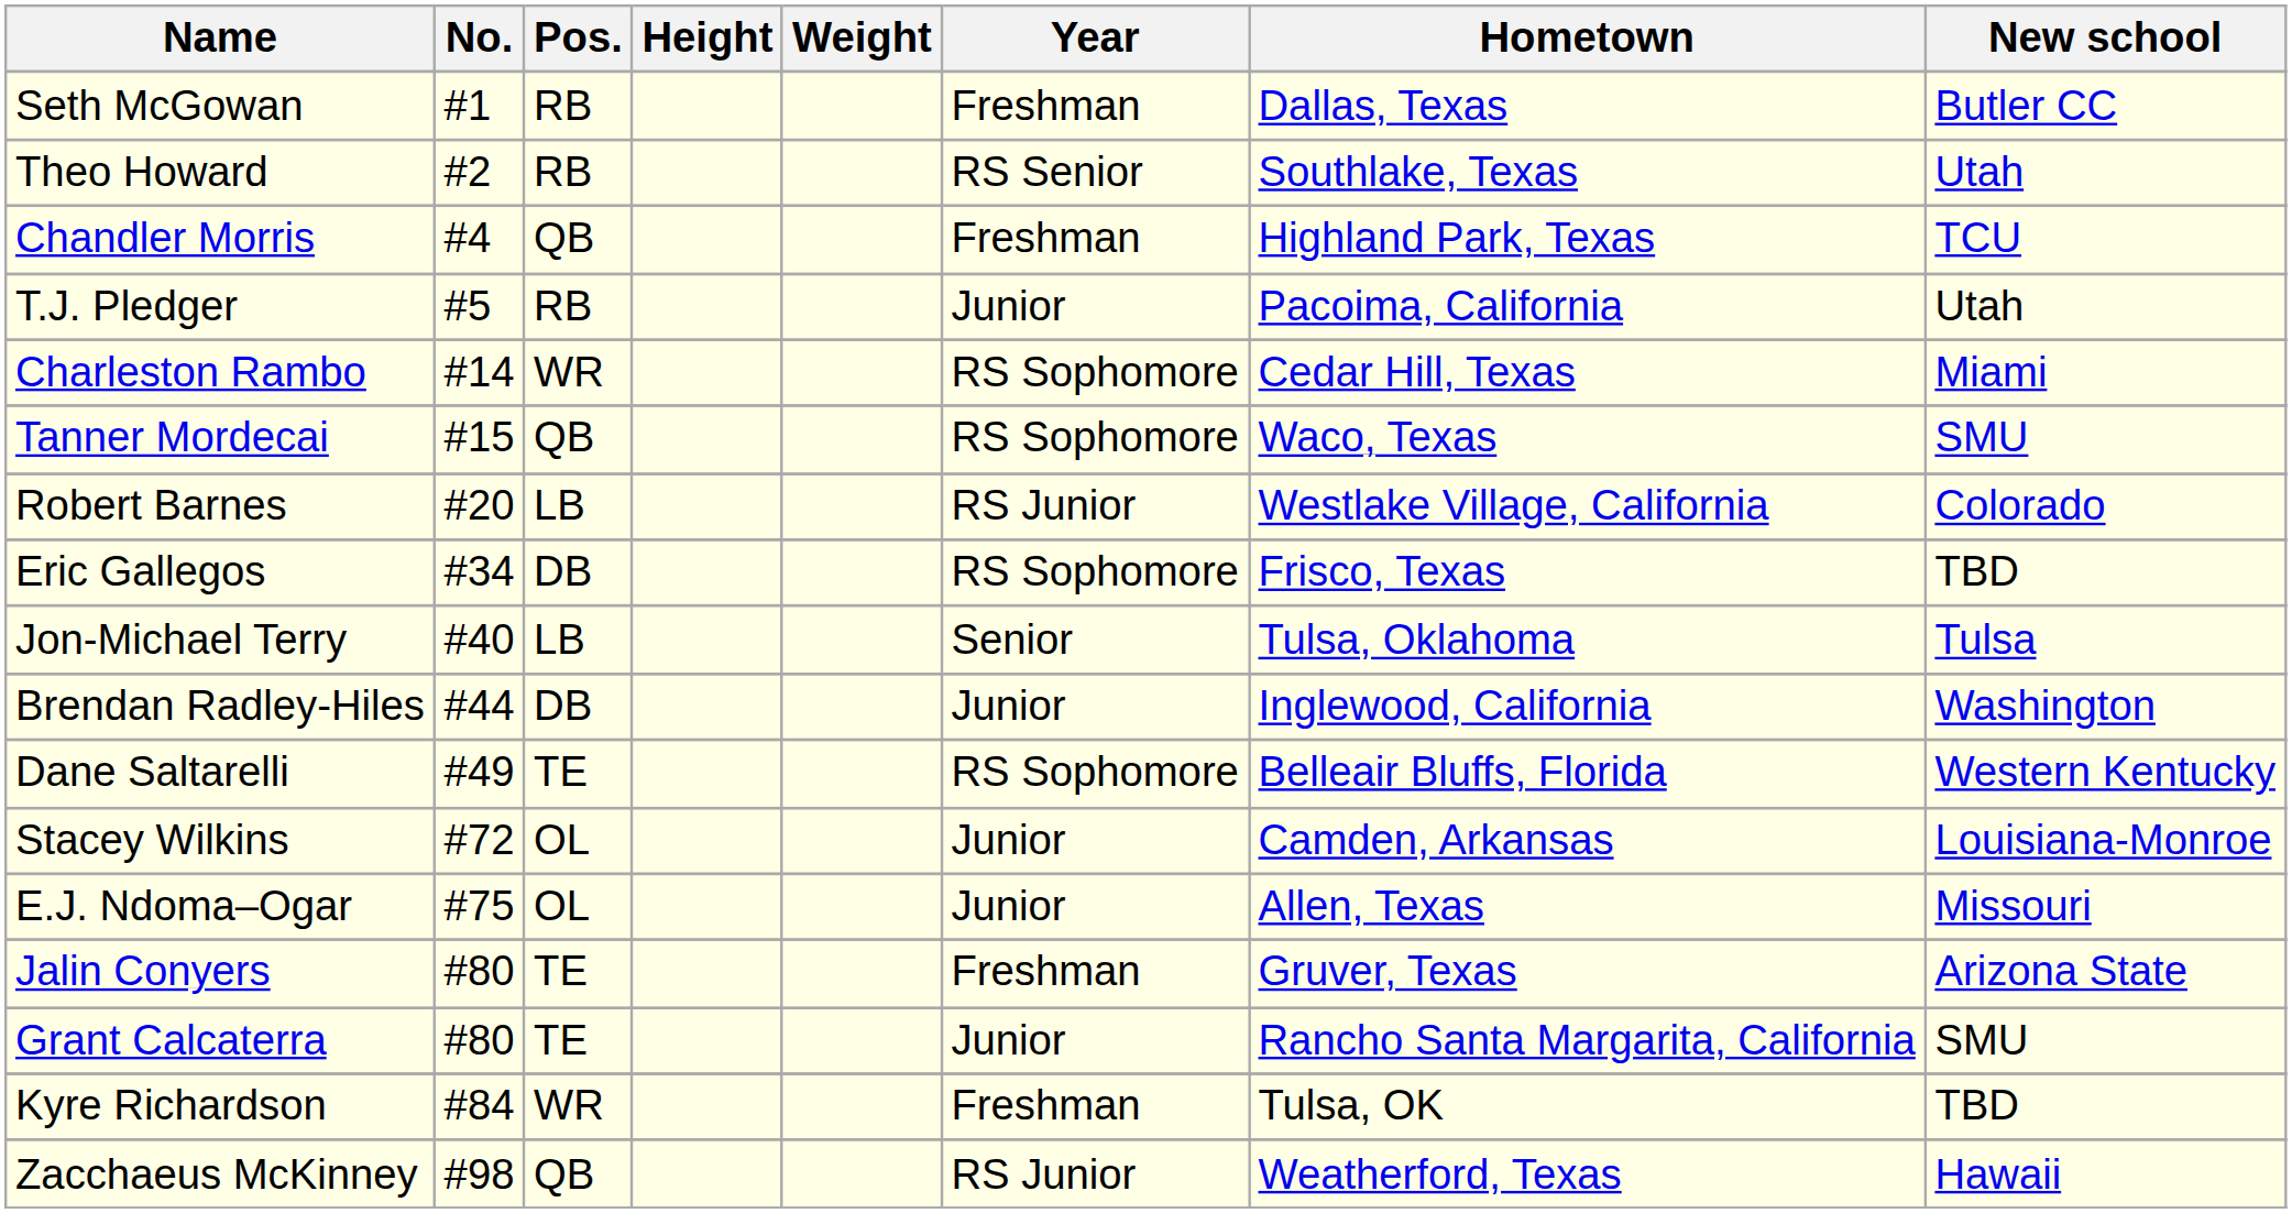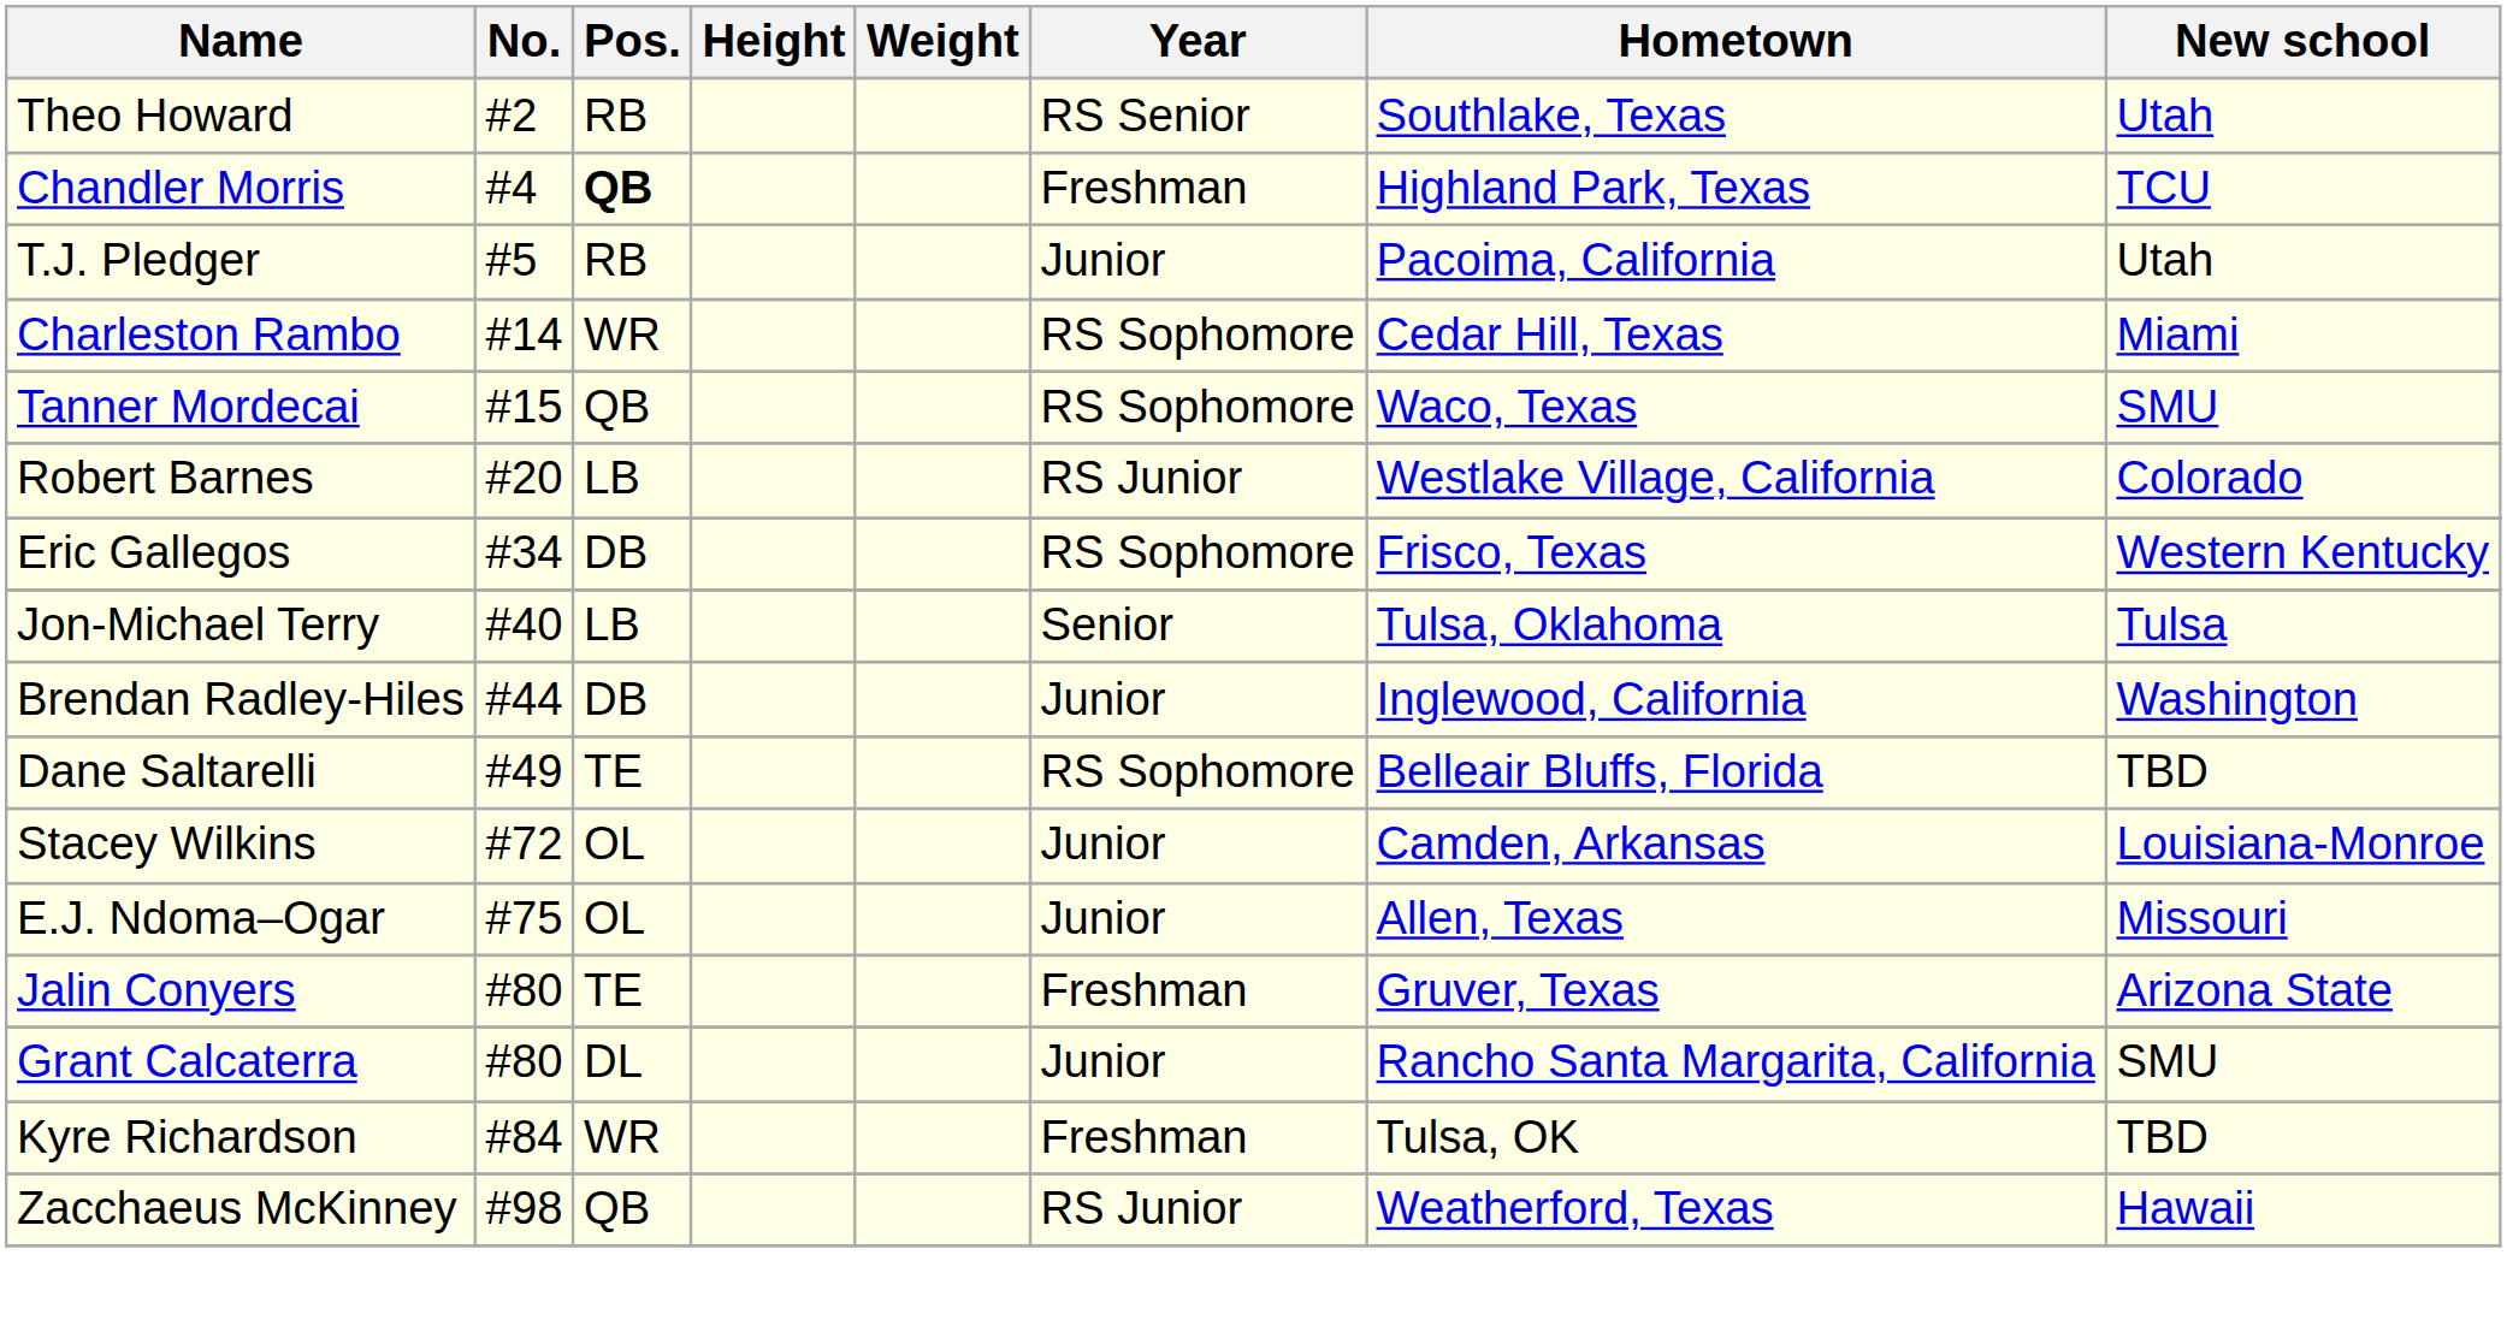 <table class="wikitable sortable">
 <tr>
 <th>Name</th>
 <th>No.</th>
 <th>Pos.</th>
 <th>Height</th>
 <th>Weight</th>
 <th>Year</th>
 <th>Hometown</th>
 <th class="unsortable">New school</th>
 </tr>
 <tr>
-</tr>
-<tr style="background:#FFFFE6;">
-<td>Seth McGowan</td>
-<td>#1</td>
-<td>RB</td>
-<td></td>
-<td></td>
-<td>Freshman</td>
-<td><a href='#'>Dallas, Texas</a></td>
-<td><a href='#'>Butler CC</a></td>
 </tr>
 <tr>
 </tr>
 <tr style="background:#FFFFE6;">
 <td>Theo Howard</td>
 <td>#2</td>
 <td>RB</td>
 <td></td>
 <td></td>
 <td>RS Senior</td>
 <td><a href='#'>Southlake, Texas</a></td>
 <td><a href='#'>Utah</a></td>
 </tr>
 <tr>
 </tr>
 <tr style="background:#FFFFE6;">
 <td><a href='#'>Chandler Morris</a></td>
 <td>#4</td>
-<td>QB</td>
+<td><strong>QB</strong></td>
 <td></td>
 <td></td>
 <td>Freshman</td>
 <td><a href='#'>Highland Park, Texas</a></td>
 <td><a href='#'>TCU</a></td>
 </tr>
 <tr>
 </tr>
 <tr style="background:#FFFFE6;">
 <td>T.J. Pledger</td>
 <td>#5</td>
 <td>RB</td>
 <td></td>
 <td></td>
 <td>Junior</td>
 <td><a href='#'>Pacoima, California</a></td>
 <td>Utah</td>
 </tr>
 <tr>
 </tr>
 <tr style="background:#FFFFE6;">
 <td><a href='#'>Charleston Rambo</a></td>
 <td>#14</td>
 <td>WR</td>
 <td></td>
 <td></td>
 <td>RS Sophomore</td>
 <td><a href='#'>Cedar Hill, Texas</a></td>
 <td><a href='#'>Miami</a></td>
 </tr>
 <tr>
 </tr>
 <tr style="background:#FFFFE6;">
 <td><a href='#'>Tanner Mordecai</a></td>
 <td>#15</td>
 <td>QB</td>
 <td></td>
 <td></td>
 <td>RS Sophomore</td>
 <td><a href='#'>Waco, Texas</a></td>
 <td><a href='#'>SMU</a></td>
 </tr>
 <tr>
 </tr>
 <tr style="background:#FFFFE6;">
 <td>Robert Barnes</td>
 <td>#20</td>
 <td>LB</td>
 <td></td>
 <td></td>
 <td>RS Junior</td>
 <td><a href='#'>Westlake Village, California</a></td>
 <td><a href='#'>Colorado</a></td>
 </tr>
 <tr>
 </tr>
 <tr style="background:#FFFFE6;">
 <td>Eric Gallegos</td>
 <td>#34</td>
 <td>DB</td>
 <td></td>
 <td></td>
 <td>RS Sophomore</td>
 <td><a href='#'>Frisco, Texas</a></td>
-<td>TBD</td>
+<td><a href='#'>Western Kentucky</a></td>
 </tr>
 <tr>
 </tr>
 <tr style="background:#FFFFE6;">
 <td>Jon-Michael Terry</td>
 <td>#40</td>
 <td>LB</td>
 <td></td>
 <td></td>
 <td>Senior</td>
 <td><a href='#'>Tulsa, Oklahoma</a></td>
 <td><a href='#'>Tulsa</a></td>
 </tr>
 <tr>
 </tr>
 <tr style="background:#FFFFE6;">
 <td>Brendan Radley-Hiles</td>
 <td>#44</td>
 <td>DB</td>
 <td></td>
 <td></td>
 <td>Junior</td>
 <td><a href='#'>Inglewood, California</a></td>
 <td><a href='#'>Washington</a></td>
 </tr>
 <tr>
 </tr>
 <tr style="background:#FFFFE6;">
 <td>Dane Saltarelli</td>
 <td>#49</td>
 <td>TE</td>
 <td></td>
 <td></td>
 <td>RS Sophomore</td>
 <td><a href='#'>Belleair Bluffs, Florida</a></td>
-<td><a href='#'>Western Kentucky</a></td>
+<td>TBD</td>
 </tr>
 <tr>
 </tr>
 <tr style="background:#FFFFE6;">
 <td>Stacey Wilkins</td>
 <td>#72</td>
 <td>OL</td>
 <td></td>
 <td></td>
 <td>Junior</td>
 <td><a href='#'>Camden, Arkansas</a></td>
 <td><a href='#'>Louisiana-Monroe</a></td>
 </tr>
 <tr>
 </tr>
 <tr style="background:#FFFFE6;">
 <td>E.J. Ndoma–Ogar</td>
 <td>#75</td>
 <td>OL</td>
 <td></td>
 <td></td>
 <td>Junior</td>
 <td><a href='#'>Allen, Texas</a></td>
 <td><a href='#'>Missouri</a></td>
 </tr>
 <tr>
 </tr>
 <tr style="background:#FFFFE6;">
 <td><a href='#'>Jalin Conyers</a></td>
 <td>#80</td>
 <td>TE</td>
 <td></td>
 <td></td>
 <td>Freshman</td>
 <td><a href='#'>Gruver, Texas</a></td>
 <td><a href='#'>Arizona State</a></td>
 </tr>
 <tr>
 </tr>
 <tr style="background:#FFFFE6;">
 <td><a href='#'>Grant Calcaterra</a></td>
 <td>#80</td>
-<td>TE</td>
+<td>DL</td>
 <td></td>
 <td></td>
 <td>Junior</td>
 <td><a href='#'>Rancho Santa Margarita, California</a></td>
 <td>SMU</td>
 </tr>
 <tr>
 </tr>
 <tr style="background:#FFFFE6;">
 <td>Kyre Richardson</td>
 <td>#84</td>
 <td>WR</td>
 <td></td>
 <td></td>
 <td>Freshman</td>
 <td>Tulsa, OK</td>
 <td>TBD</td>
 </tr>
 <tr>
 </tr>
 <tr style="background:#FFFFE6;">
 <td>Zacchaeus McKinney</td>
 <td>#98</td>
 <td>QB</td>
 <td></td>
 <td></td>
 <td>RS Junior</td>
 <td><a href='#'>Weatherford, Texas</a></td>
 <td><a href='#'>Hawaii</a></td>
 </tr>
 <tr>
 </tr>
 </table>
